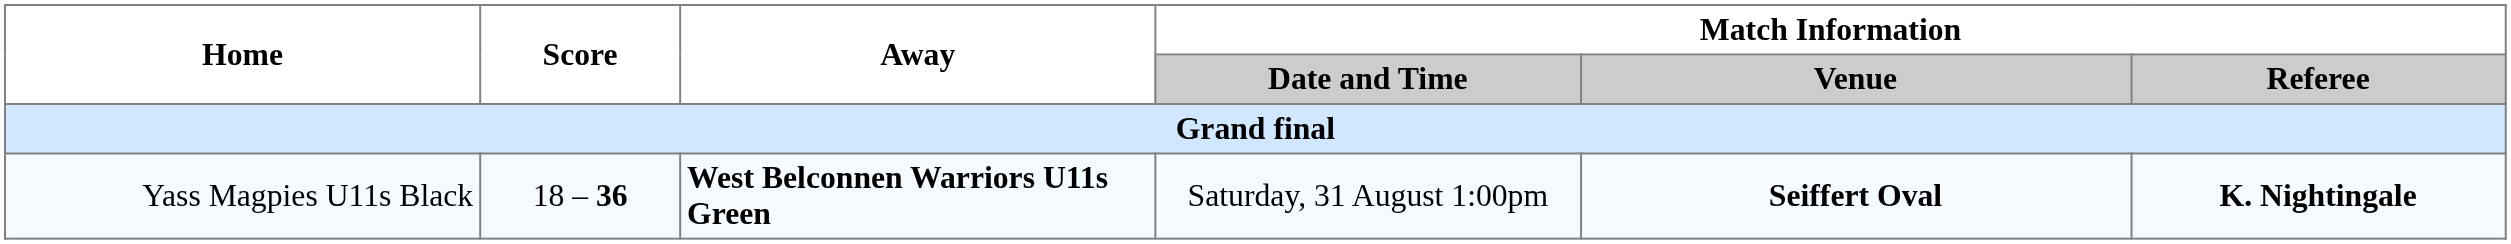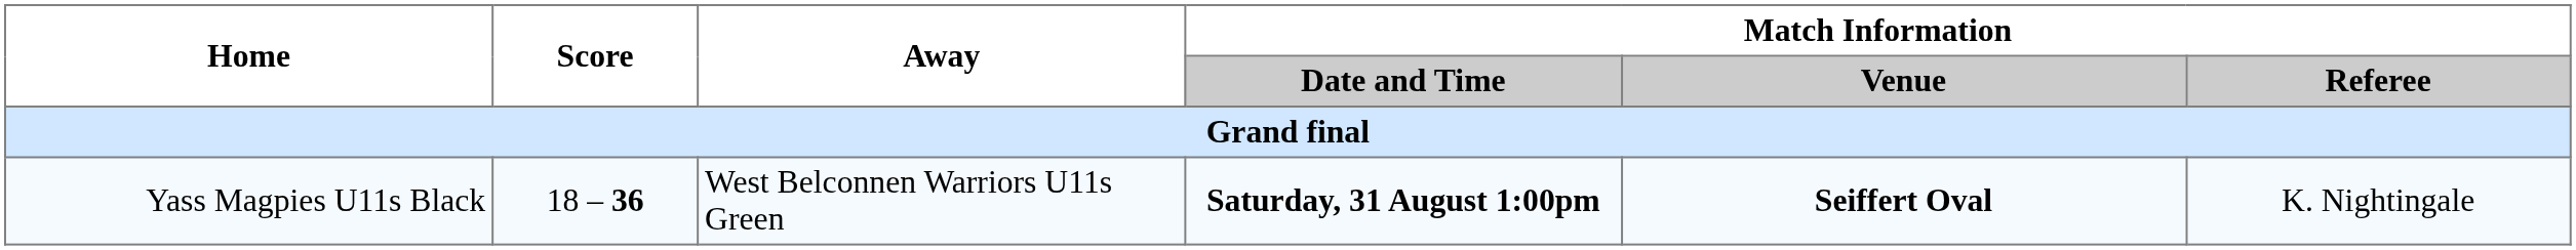 <table border="1" cellpadding="3" cellspacing="0" width="100%" style="border-collapse:collapse;  text-align:center;">
 <tr>
 <th rowspan="2" width="19%">Home</th>
 <th rowspan="2" width="8%">Score</th>
 <th rowspan="2" width="19%">Away</th>
 <th colspan="3">Match Information</th>
 </tr>
 <tr bgcolor="#CCCCCC">
 <th width="17%">Date and Time</th>
 <th width="22%">Venue</th>
 <th width="50%">Referee</th>
 </tr>
 <tr style="background:#d0e7ff;">
 <td colspan="6"><strong>Grand final</strong></td>
 </tr>
 <tr style="text-align:center; background:#f5faff;">
 <td align="right">Yass Magpies U11s Black </td>
 <td>18 – <strong>36</strong></td>
-<td align="left"><strong> West Belconnen Warriors U11s Green</strong></td>
-<td>Saturday, 31 August 1:00pm</td>
+<td align="left"> West Belconnen Warriors U11s Green</td>
+<td><strong>Saturday, 31 August 1:00pm</strong></td>
 <td><strong>Seiffert Oval</strong></td>
-<td><strong>K. Nightingale</strong></td>
+<td>K. Nightingale</td>
 </tr>
 </table>
